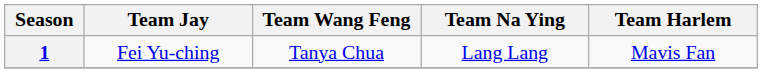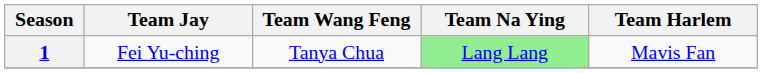 <table class="wikitable" style="text-align:center">
 <tr>
 <th style="width:5%;" scope="col">Season</th>
 <th style="width:17%;" scope="col">Team Jay</th>
 <th style="width:17%;" scope="col">Team Wang Feng</th>
 <th style="width:17%;" scope="col">Team Na Ying</th>
 <th style="width:17%;" scope="col">Team Harlem</th>
 </tr>
 <tr>
 <th scope="row"><a href='#'>1</a></th>
 <td><a href='#'>Fei Yu-ching</a></td>
 <td><a href='#'>Tanya Chua</a></td>
-<td><a href='#'>Lang Lang</a></td>
+<td style="background: lightgreen;"><a href='#'>Lang Lang</a></td>
 <td><a href='#'>Mavis Fan</a></td>
 </tr>
 <tr>
 </tr>
 </table>
